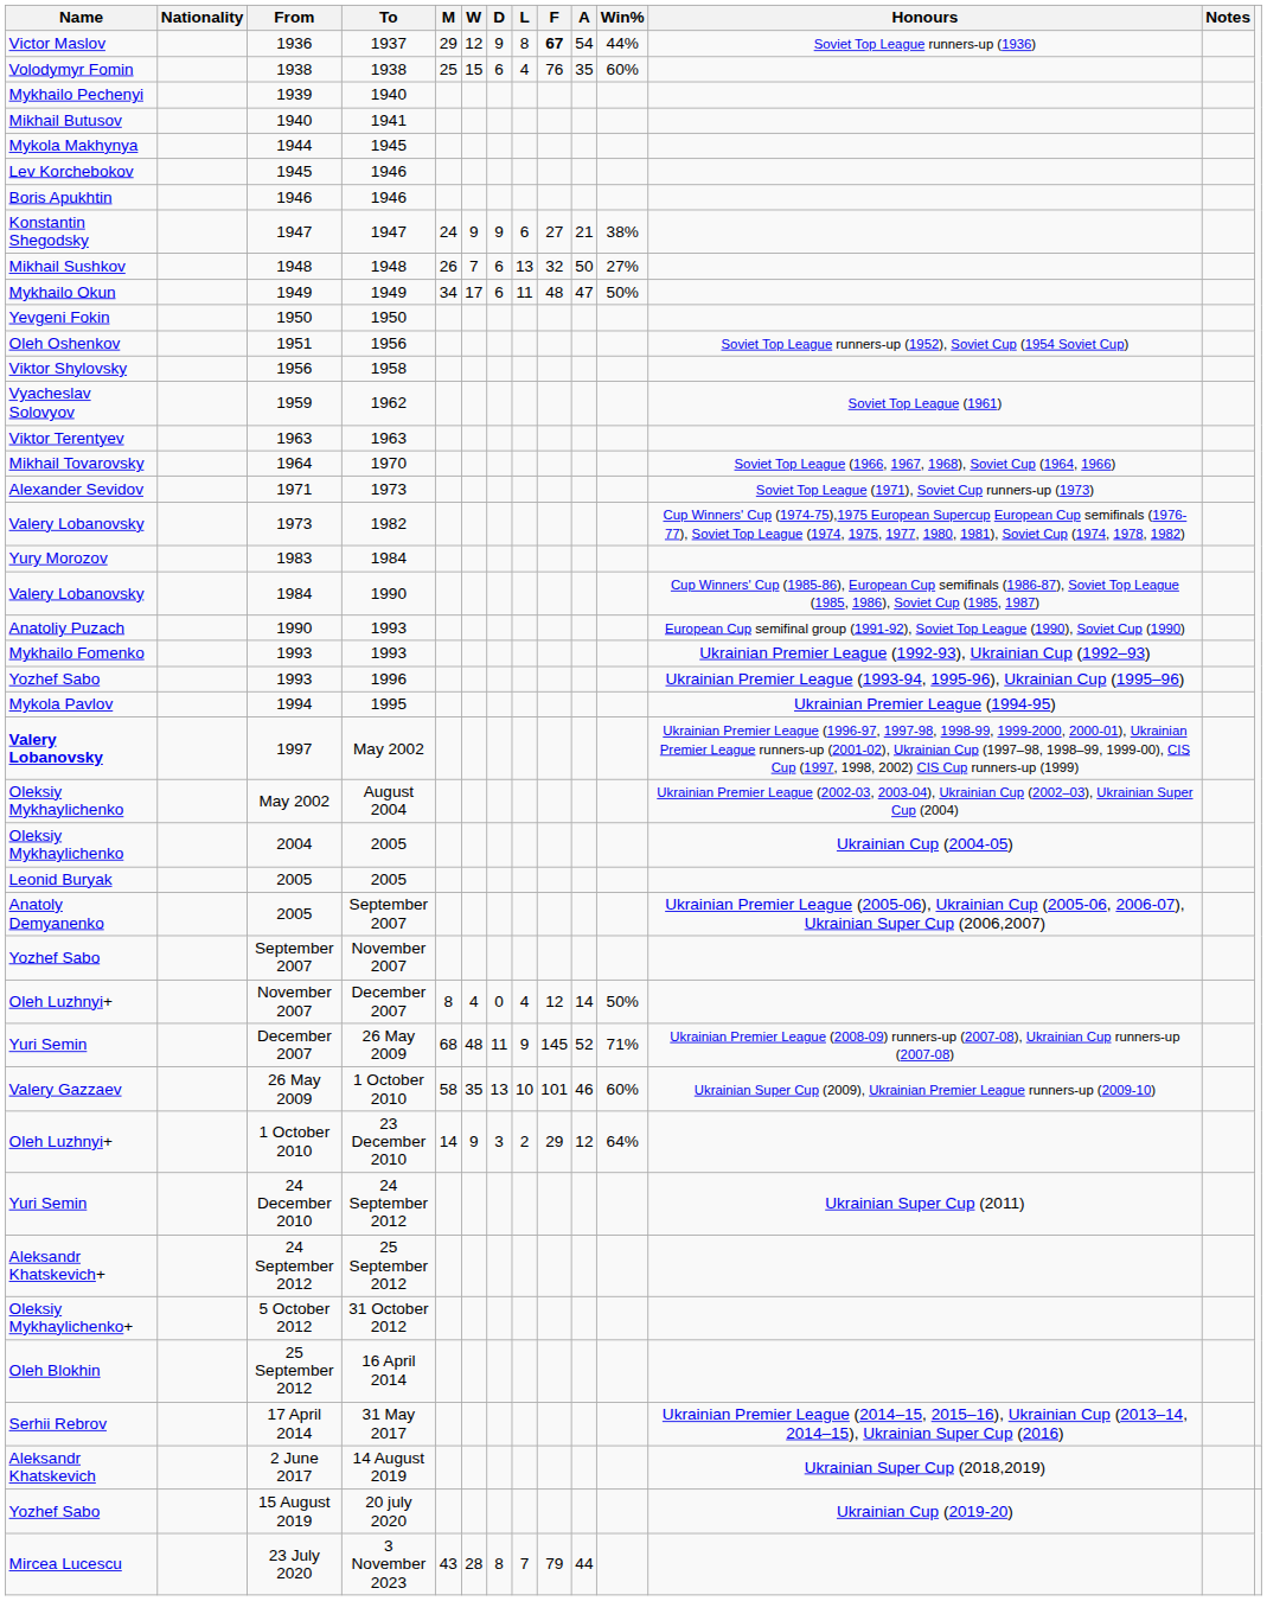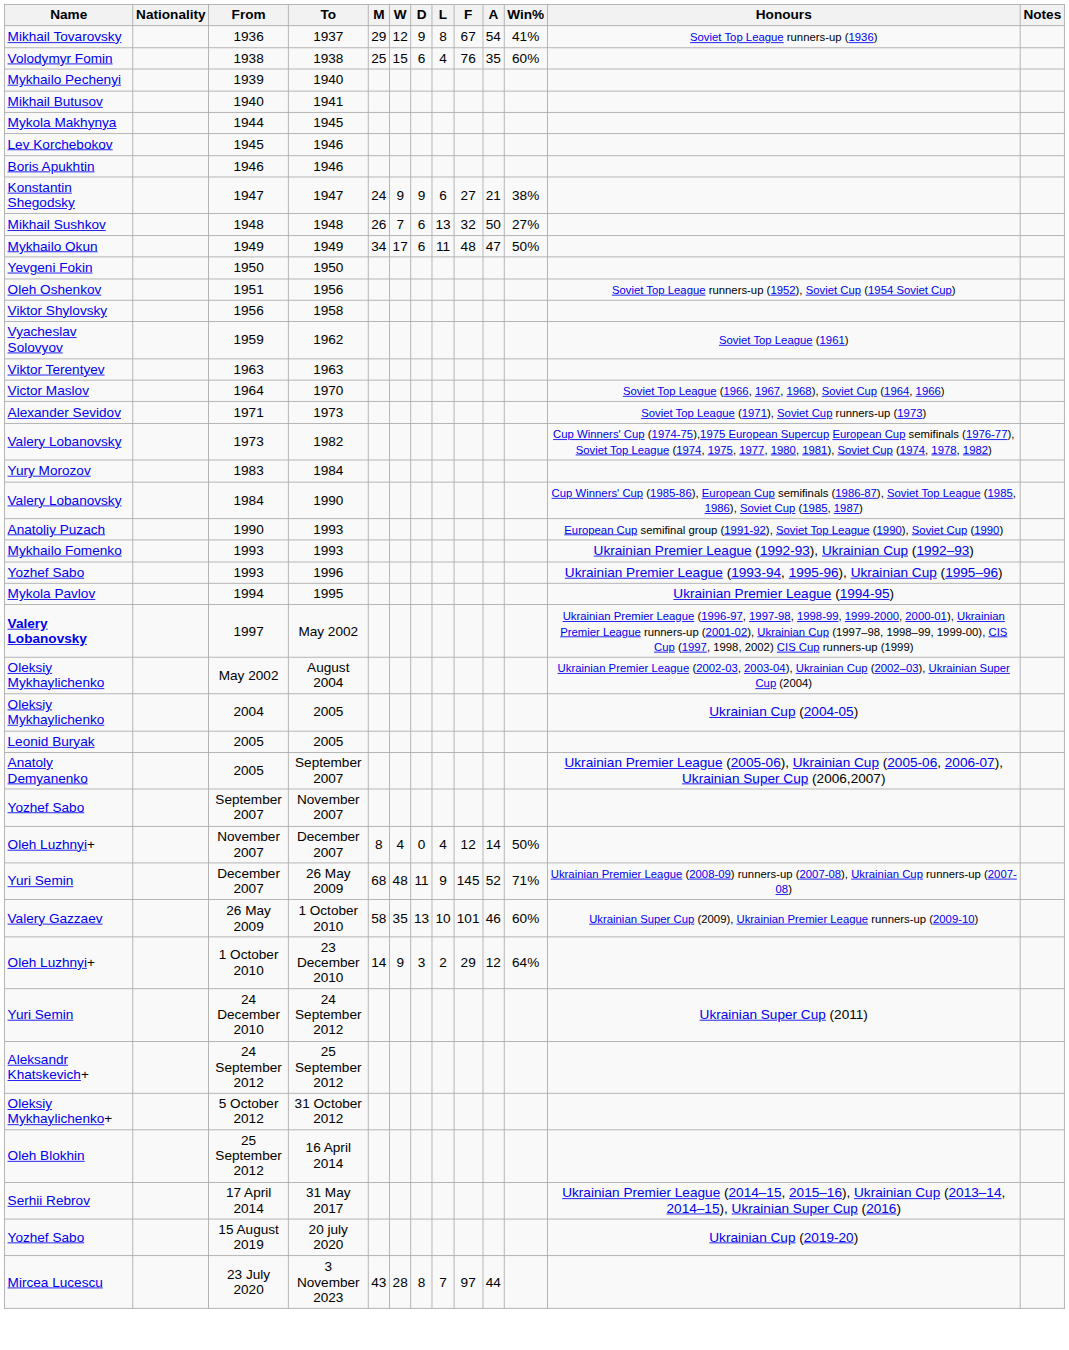 <table class="wikitable sortable" style="text-align: center; center width:100%">
 <tr>
 <th>Name</th>
 <th>Nationality</th>
 <th>From</th>
 <th class="unsortable">To</th>
 <th>M</th>
 <th>W</th>
 <th>D</th>
 <th>L</th>
 <th>F</th>
 <th>A</th>
 <th>Win%</th>
 <th class="unsortable">Honours</th>
 <th class="unsortable">Notes</th>
 </tr>
 <tr>
-<td align="left"><a href='#'>Victor Maslov</a></td>
+<td align="left"><a href='#'>Mikhail Tovarovsky</a></td>
 <td></td>
 <td>1936</td>
 <td>1937</td>
 <td>29</td>
 <td>12</td>
 <td>9</td>
 <td>8</td>
-<td><strong>67</strong></td>
+<td>67</td>
 <td>54</td>
-<td>44%</td>
+<td>41%</td>
 <td><small><a href='#'>Soviet Top League</a> runners-up (<a href='#'>1936</a>)</small></td>
 <td></td>
 </tr>
 <tr>
 <td align="left"><a href='#'>Volodymyr Fomin</a></td>
 <td></td>
 <td>1938</td>
 <td>1938</td>
 <td>25</td>
 <td>15</td>
 <td>6</td>
 <td>4</td>
 <td>76</td>
 <td>35</td>
 <td>60%</td>
 <td></td>
 <td></td>
 </tr>
 <tr>
 <td align="left"><a href='#'>Mykhailo Pechenyi</a></td>
 <td></td>
 <td>1939</td>
 <td>1940</td>
 <td></td>
 <td></td>
 <td></td>
 <td></td>
 <td></td>
 <td></td>
 <td></td>
 <td></td>
 <td></td>
 </tr>
 <tr>
 <td align="left"><a href='#'>Mikhail Butusov</a></td>
 <td></td>
 <td>1940</td>
 <td>1941</td>
 <td></td>
 <td></td>
 <td></td>
 <td></td>
 <td></td>
 <td></td>
 <td></td>
 <td></td>
 <td></td>
 </tr>
 <tr>
 <td align="left"><a href='#'>Mykola Makhynya</a></td>
 <td></td>
 <td>1944</td>
 <td>1945</td>
 <td></td>
 <td></td>
 <td></td>
 <td></td>
 <td></td>
 <td></td>
 <td></td>
 <td></td>
 <td></td>
 </tr>
 <tr>
 <td align="left"><a href='#'>Lev Korchebokov</a></td>
 <td></td>
 <td>1945</td>
 <td>1946</td>
 <td></td>
 <td></td>
 <td></td>
 <td></td>
 <td></td>
 <td></td>
 <td></td>
 <td></td>
 <td></td>
 </tr>
 <tr>
 <td align="left"><a href='#'>Boris Apukhtin</a></td>
 <td></td>
 <td>1946</td>
 <td>1946</td>
 <td></td>
 <td></td>
 <td></td>
 <td></td>
 <td></td>
 <td></td>
 <td></td>
 <td></td>
 <td></td>
 </tr>
 <tr>
 <td align="left"><a href='#'>Konstantin Shegodsky</a></td>
 <td></td>
 <td>1947</td>
 <td>1947</td>
 <td>24</td>
 <td>9</td>
 <td>9</td>
 <td>6</td>
 <td>27</td>
 <td>21</td>
 <td>38%</td>
 <td></td>
 <td></td>
 </tr>
 <tr>
 <td align="left"><a href='#'>Mikhail Sushkov</a></td>
 <td></td>
 <td>1948</td>
 <td>1948</td>
 <td>26</td>
 <td>7</td>
 <td>6</td>
 <td>13</td>
 <td>32</td>
 <td>50</td>
 <td>27%</td>
 <td></td>
 <td></td>
 </tr>
 <tr>
 <td align="left"><a href='#'>Mykhailo Okun</a></td>
 <td></td>
 <td>1949</td>
 <td>1949</td>
 <td>34</td>
 <td>17</td>
 <td>6</td>
 <td>11</td>
 <td>48</td>
 <td>47</td>
 <td>50%</td>
 <td></td>
 <td></td>
 </tr>
 <tr>
 <td align="left"><a href='#'>Yevgeni Fokin</a></td>
 <td></td>
 <td>1950</td>
 <td>1950</td>
 <td></td>
 <td></td>
 <td></td>
 <td></td>
 <td></td>
 <td></td>
 <td></td>
 <td></td>
 <td></td>
 </tr>
 <tr>
 <td align="left"><a href='#'>Oleh Oshenkov</a></td>
 <td></td>
 <td>1951</td>
 <td>1956</td>
 <td></td>
 <td></td>
 <td></td>
 <td></td>
 <td></td>
 <td></td>
 <td></td>
 <td><small><a href='#'>Soviet Top League</a> runners-up (<a href='#'>1952</a>), <a href='#'>Soviet Cup</a> (<a href='#'>1954 Soviet Cup</a>)</small></td>
 <td></td>
 </tr>
 <tr>
 <td align="left"><a href='#'>Viktor Shylovsky</a></td>
 <td></td>
 <td>1956</td>
 <td>1958</td>
 <td></td>
 <td></td>
 <td></td>
 <td></td>
 <td></td>
 <td></td>
 <td></td>
 <td></td>
 <td></td>
 </tr>
 <tr>
 <td align="left"><a href='#'>Vyacheslav Solovyov</a></td>
 <td></td>
 <td>1959</td>
 <td>1962</td>
 <td></td>
 <td></td>
 <td></td>
 <td></td>
 <td></td>
 <td></td>
 <td></td>
 <td><small><a href='#'>Soviet Top League</a> (<a href='#'>1961</a>)</small></td>
 <td></td>
 </tr>
 <tr>
 <td align="left"><a href='#'>Viktor Terentyev</a></td>
 <td></td>
 <td>1963</td>
 <td>1963</td>
 <td></td>
 <td></td>
 <td></td>
 <td></td>
 <td></td>
 <td></td>
 <td></td>
 <td></td>
 <td></td>
 </tr>
 <tr>
-<td align="left"><a href='#'>Mikhail Tovarovsky</a></td>
+<td align="left"><a href='#'>Victor Maslov</a></td>
 <td></td>
 <td>1964</td>
 <td>1970</td>
 <td></td>
 <td></td>
 <td></td>
 <td></td>
 <td></td>
 <td></td>
 <td></td>
 <td><small><a href='#'>Soviet Top League</a> (<a href='#'>1966</a>, <a href='#'>1967</a>, <a href='#'>1968</a>), <a href='#'>Soviet Cup</a> (<a href='#'>1964</a>, <a href='#'>1966</a>)</small></td>
 <td></td>
 </tr>
 <tr>
 <td align="left"><a href='#'>Alexander Sevidov</a></td>
 <td></td>
 <td>1971</td>
 <td>1973</td>
 <td></td>
 <td></td>
 <td></td>
 <td></td>
 <td></td>
 <td></td>
 <td></td>
 <td><small><a href='#'>Soviet Top League</a> (<a href='#'>1971</a>), <a href='#'>Soviet Cup</a> runners-up (<a href='#'>1973</a>)</small></td>
 <td></td>
 </tr>
 <tr>
 <td align="left"><a href='#'>Valery Lobanovsky</a></td>
 <td></td>
 <td>1973</td>
 <td>1982</td>
 <td></td>
 <td></td>
 <td></td>
 <td></td>
 <td></td>
 <td></td>
 <td></td>
 <td><small><a href='#'>Cup Winners' Cup</a> (<a href='#'>1974-75</a>),<a href='#'>1975 European Supercup</a>    <a href='#'>European Cup</a> semifinals (<a href='#'>1976-77</a>), <a href='#'>Soviet Top League</a> (<a href='#'>1974</a>, <a href='#'>1975</a>, <a href='#'>1977</a>, <a href='#'>1980</a>, <a href='#'>1981</a>), <a href='#'>Soviet Cup</a> (<a href='#'>1974</a>, <a href='#'>1978</a>, <a href='#'>1982</a>)</small></td>
 <td></td>
 </tr>
 <tr>
 <td align="left"><a href='#'>Yury Morozov</a></td>
 <td></td>
 <td>1983</td>
 <td>1984</td>
 <td></td>
 <td></td>
 <td></td>
 <td></td>
 <td></td>
 <td></td>
 <td></td>
 <td></td>
 <td></td>
 </tr>
 <tr>
 <td align="left"><a href='#'>Valery Lobanovsky</a></td>
 <td></td>
 <td>1984</td>
 <td>1990</td>
 <td></td>
 <td></td>
 <td></td>
 <td></td>
 <td></td>
 <td></td>
 <td></td>
 <td><small><a href='#'>Cup Winners' Cup</a> (<a href='#'>1985-86</a>), <a href='#'>European Cup</a> semifinals (<a href='#'>1986-87</a>), <a href='#'>Soviet Top League</a> (<a href='#'>1985</a>, <a href='#'>1986</a>), <a href='#'>Soviet Cup</a> (<a href='#'>1985</a>, <a href='#'>1987</a>)</small></td>
 <td></td>
 </tr>
 <tr>
 <td align="left"><a href='#'>Anatoliy Puzach</a></td>
 <td></td>
 <td>1990</td>
 <td>1993</td>
 <td></td>
 <td></td>
 <td></td>
 <td></td>
 <td></td>
 <td></td>
 <td></td>
 <td><small><a href='#'>European Cup</a> semifinal group (<a href='#'>1991-92</a>), <a href='#'>Soviet Top League</a> (<a href='#'>1990</a>), <a href='#'>Soviet Cup</a> (<a href='#'>1990</a>)</small></td>
 <td></td>
 </tr>
 <tr>
 <td align="left"><a href='#'>Mykhailo Fomenko</a></td>
 <td></td>
 <td>1993</td>
 <td>1993</td>
 <td></td>
 <td></td>
 <td></td>
 <td></td>
 <td></td>
 <td></td>
 <td></td>
 <td><a href='#'>Ukrainian Premier League</a> (<a href='#'>1992-93</a>), <a href='#'>Ukrainian Cup</a> (<a href='#'>1992–93</a>)</td>
 <td></td>
 </tr>
 <tr>
 <td align="left"><a href='#'>Yozhef Sabo</a></td>
 <td></td>
 <td>1993</td>
 <td>1996</td>
 <td></td>
 <td></td>
 <td></td>
 <td></td>
 <td></td>
 <td></td>
 <td></td>
 <td><a href='#'>Ukrainian Premier League</a> (<a href='#'>1993-94</a>, <a href='#'>1995-96</a>), <a href='#'>Ukrainian Cup</a> (<a href='#'>1995–96</a>)</td>
 <td></td>
 </tr>
 <tr>
 <td align="left"><a href='#'>Mykola Pavlov</a></td>
 <td></td>
 <td>1994</td>
 <td>1995</td>
 <td></td>
 <td></td>
 <td></td>
 <td></td>
 <td></td>
 <td></td>
 <td></td>
 <td><a href='#'>Ukrainian Premier League</a> (<a href='#'>1994-95</a>)</td>
 <td></td>
 </tr>
 <tr>
 <td align="left"><strong><a href='#'>Valery Lobanovsky</a></strong></td>
 <td></td>
 <td>1997</td>
 <td>May 2002</td>
 <td></td>
 <td></td>
 <td></td>
 <td></td>
 <td></td>
 <td></td>
 <td></td>
 <td><small><a href='#'>Ukrainian Premier League</a> (<a href='#'>1996-97</a>, <a href='#'>1997-98</a>, <a href='#'>1998-99</a>, <a href='#'>1999-2000</a>, <a href='#'>2000-01</a>), <a href='#'>Ukrainian Premier League</a> runners-up (<a href='#'>2001-02</a>), <a href='#'>Ukrainian Cup</a> (1997–98, 1998–99, 1999-00), <a href='#'>CIS Cup</a> (<a href='#'>1997</a>, 1998, 2002) <a href='#'>CIS Cup</a> runners-up (1999)</small></td>
 <td></td>
 </tr>
 <tr>
 <td align="left"><a href='#'>Oleksiy Mykhaylichenko</a></td>
 <td></td>
 <td>May 2002</td>
 <td>August<br>2004</td>
 <td></td>
 <td></td>
 <td></td>
 <td></td>
 <td></td>
 <td></td>
 <td></td>
 <td><small><a href='#'>Ukrainian Premier League</a> (<a href='#'>2002-03</a>, <a href='#'>2003-04</a>), <a href='#'>Ukrainian Cup</a> (<a href='#'>2002–03</a>), <a href='#'>Ukrainian Super Cup</a> (2004)</small></td>
 <td></td>
 </tr>
 <tr>
 <td align="left"><a href='#'>Oleksiy Mykhaylichenko</a></td>
 <td></td>
 <td>2004</td>
 <td>2005</td>
 <td></td>
 <td></td>
 <td></td>
 <td></td>
 <td></td>
 <td></td>
 <td></td>
 <td><a href='#'>Ukrainian Cup</a> (<a href='#'>2004-05</a>)</td>
 <td></td>
 </tr>
 <tr>
 <td align="left"><a href='#'>Leonid Buryak</a></td>
 <td></td>
 <td>2005</td>
 <td>2005</td>
 <td></td>
 <td></td>
 <td></td>
 <td></td>
 <td></td>
 <td></td>
 <td></td>
 <td></td>
 <td></td>
 </tr>
 <tr>
 <td align="left"><a href='#'>Anatoly Demyanenko</a></td>
 <td></td>
 <td>2005</td>
 <td>September<br>2007</td>
 <td></td>
 <td></td>
 <td></td>
 <td></td>
 <td></td>
 <td></td>
 <td></td>
 <td><a href='#'>Ukrainian Premier League</a> (<a href='#'>2005-06</a>), <a href='#'>Ukrainian Cup</a> (<a href='#'>2005-06</a>, <a href='#'>2006-07</a>), <a href='#'>Ukrainian Super Cup</a> (2006,2007)</td>
 <td></td>
 </tr>
 <tr>
 <td align="left"><a href='#'>Yozhef Sabo</a></td>
 <td></td>
 <td>September<br>2007</td>
 <td>November<br>2007</td>
 <td></td>
 <td></td>
 <td></td>
 <td></td>
 <td></td>
 <td></td>
 <td></td>
 <td></td>
 <td></td>
 </tr>
 <tr>
 <td align="left"><a href='#'>Oleh Luzhnyi</a>+</td>
 <td></td>
 <td>November<br>2007</td>
 <td>December<br>2007</td>
 <td>8</td>
 <td>4</td>
 <td>0</td>
 <td>4</td>
 <td>12</td>
 <td>14</td>
 <td>50%</td>
 <td></td>
 <td></td>
 </tr>
 <tr>
 <td align="left"><a href='#'>Yuri Semin</a></td>
 <td></td>
 <td>December<br>2007</td>
 <td>26 May<br>2009</td>
 <td>68</td>
 <td>48</td>
 <td>11</td>
 <td>9</td>
 <td>145</td>
 <td>52</td>
 <td>71%</td>
 <td><small><a href='#'>Ukrainian Premier League</a> (<a href='#'>2008-09</a>) runners-up (<a href='#'>2007-08</a>), <a href='#'>Ukrainian Cup</a> runners-up (<a href='#'>2007-08</a>)</small></td>
 <td></td>
 </tr>
 <tr>
 <td align="left"><a href='#'>Valery Gazzaev</a></td>
 <td></td>
 <td>26 May<br>2009</td>
 <td>1 October<br>2010</td>
 <td>58</td>
 <td>35</td>
 <td>13</td>
 <td>10</td>
 <td>101</td>
 <td>46</td>
 <td>60%</td>
 <td><small><a href='#'>Ukrainian Super Cup</a> (2009), <a href='#'>Ukrainian Premier League</a> runners-up (<a href='#'>2009-10</a>)</small></td>
 <td></td>
 </tr>
 <tr>
 <td align="left"><a href='#'>Oleh Luzhnyi</a>+</td>
 <td></td>
 <td>1 October<br>2010</td>
 <td>23 December<br>2010</td>
 <td>14</td>
 <td>9</td>
 <td>3</td>
 <td>2</td>
 <td>29</td>
 <td>12</td>
 <td>64%</td>
 <td></td>
 <td></td>
 </tr>
 <tr>
 <td align="left"><a href='#'>Yuri Semin</a></td>
 <td></td>
 <td>24 December<br>2010</td>
 <td>24 September<br>2012</td>
 <td></td>
 <td></td>
 <td></td>
 <td></td>
 <td></td>
 <td></td>
 <td></td>
 <td><a href='#'>Ukrainian Super Cup</a> (2011)</td>
 <td></td>
 </tr>
 <tr>
 <td align="left"><a href='#'>Aleksandr Khatskevich</a>+</td>
 <td></td>
 <td>24 September<br>2012</td>
 <td>25 September<br>2012</td>
 <td></td>
 <td></td>
 <td></td>
 <td></td>
 <td></td>
 <td></td>
 <td></td>
 <td></td>
 <td></td>
 </tr>
 <tr>
 <td align="left"><a href='#'>Oleksiy Mykhaylichenko</a>+</td>
 <td></td>
 <td>5 October<br>2012</td>
 <td>31 October<br>2012</td>
 <td></td>
 <td></td>
 <td></td>
 <td></td>
 <td></td>
 <td></td>
 <td></td>
 <td></td>
 <td></td>
 </tr>
 <tr>
 <td align="left"><a href='#'>Oleh Blokhin</a></td>
 <td></td>
 <td>25 September<br>2012</td>
 <td>16 April<br>2014</td>
 <td></td>
 <td></td>
 <td></td>
 <td></td>
 <td></td>
 <td></td>
 <td></td>
 <td></td>
 <td></td>
 </tr>
 <tr>
 <td align="left"><a href='#'>Serhii Rebrov</a></td>
 <td></td>
 <td>17 April<br>2014</td>
 <td>31 May<br>2017</td>
 <td></td>
 <td></td>
 <td></td>
 <td></td>
 <td></td>
 <td></td>
 <td></td>
 <td><a href='#'>Ukrainian Premier League</a> (<a href='#'>2014–15</a>, <a href='#'>2015–16</a>), <a href='#'>Ukrainian Cup</a> (<a href='#'>2013–14</a>, <a href='#'>2014–15</a>), <a href='#'>Ukrainian Super Cup</a> (<a href='#'>2016</a>)</td>
 <td></td>
 </tr>
 <tr>
-<td align="left"><a href='#'>Aleksandr Khatskevich</a></td>
-<td></td>
-<td>2 June<br>2017</td>
-<td>14 August<br>2019</td>
-<td></td>
-<td></td>
-<td></td>
-<td></td>
-<td></td>
-<td></td>
-<td></td>
-<td><a href='#'>Ukrainian Super Cup</a> (2018,2019)</td>
-<td></td>
-<td></td>
-</tr>
-<tr>
 <td align="left"><a href='#'>Yozhef Sabo</a></td>
 <td></td>
 <td>15 August<br>2019</td>
 <td>20 july<br>2020</td>
 <td></td>
 <td></td>
 <td></td>
 <td></td>
 <td></td>
 <td></td>
 <td></td>
 <td><a href='#'>Ukrainian Cup</a> (<a href='#'>2019-20</a>)</td>
 <td></td>
 </tr>
 <tr>
 <td align="left"><a href='#'>Mircea Lucescu</a></td>
 <td></td>
 <td>23 July<br>2020</td>
 <td>3 November<br>2023</td>
 <td>43</td>
 <td>28</td>
 <td>8</td>
 <td>7</td>
-<td>79</td>
+<td>97</td>
 <td>44</td>
 <td></td>
 <td></td>
 <td></td>
 </tr>
 </table>
